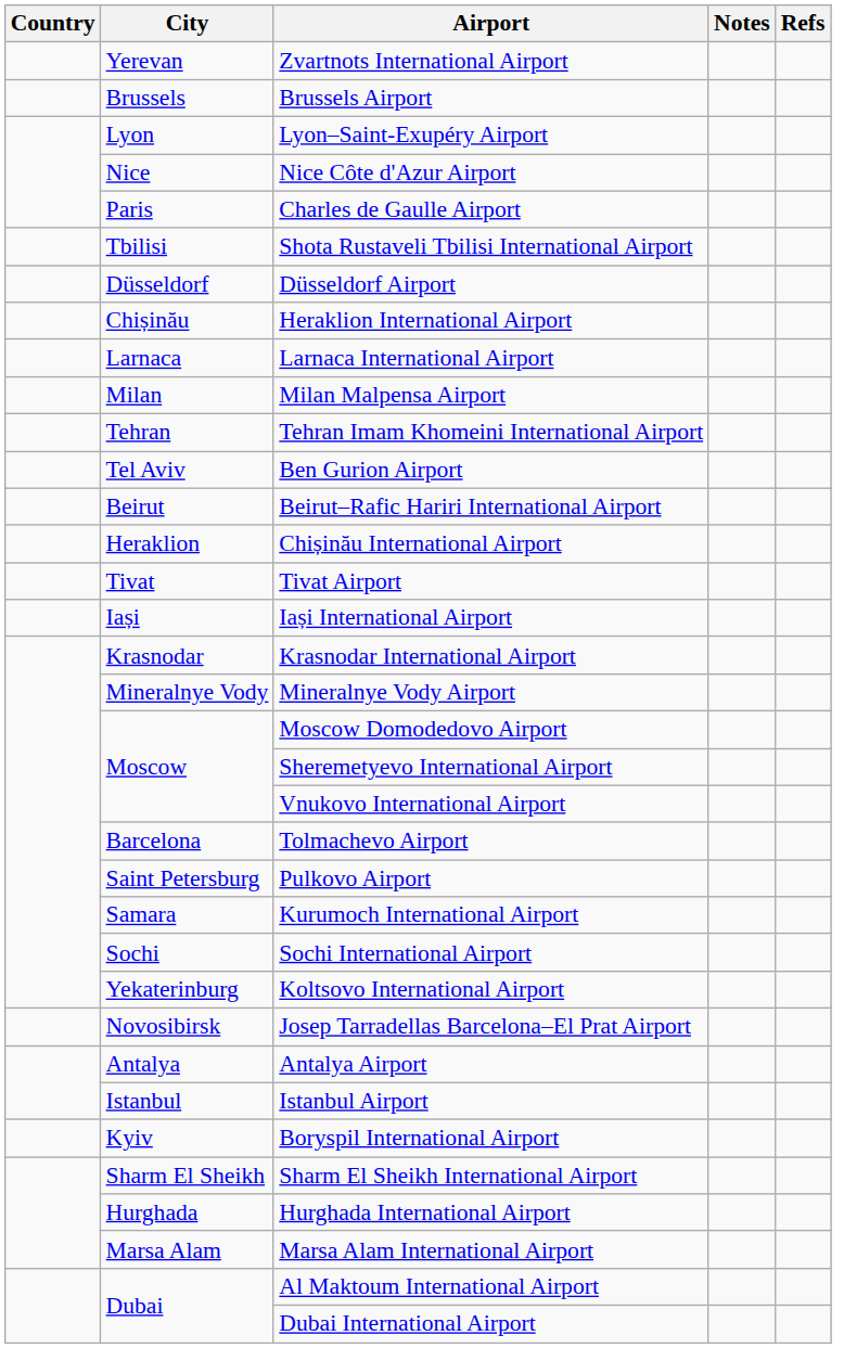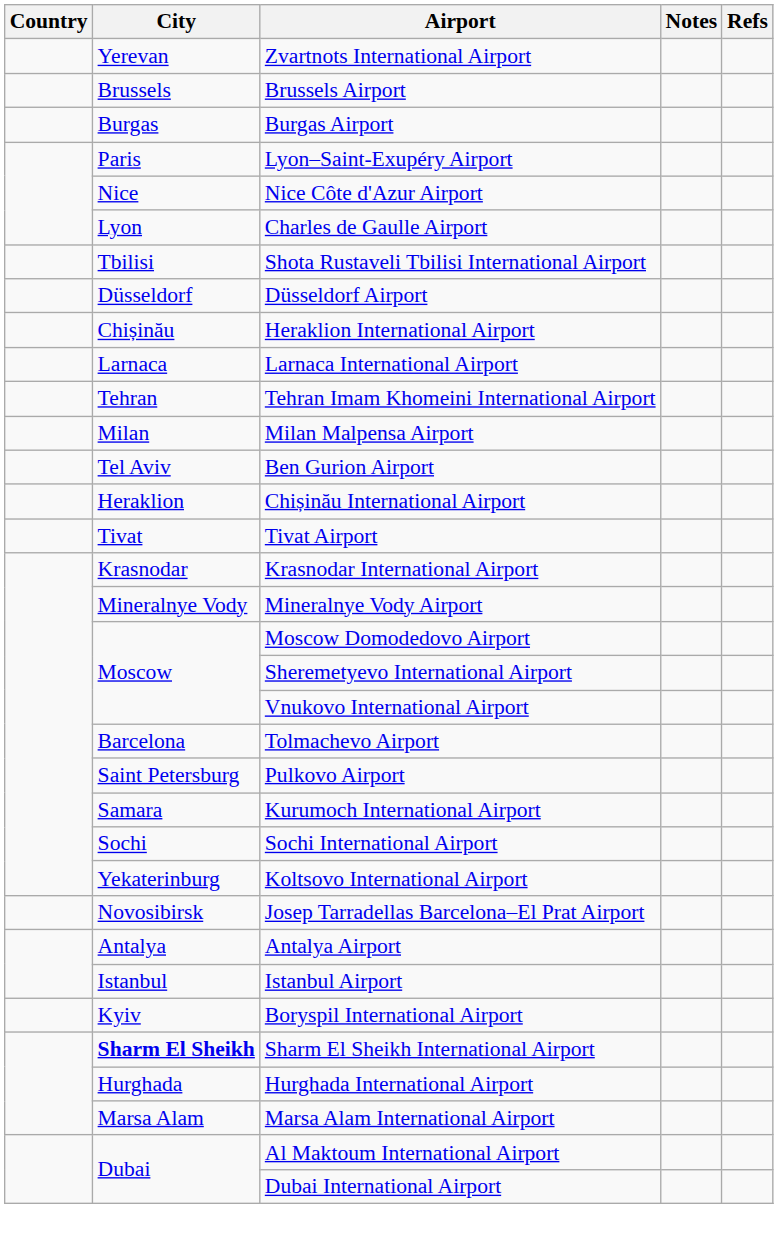 <table class="sortable wikitable">
 <tr>
 <th>Country</th>
 <th>City</th>
 <th>Airport</th>
 <th>Notes</th>
 <th>Refs</th>
 </tr>
 <tr>
 <td></td>
 <td><a href='#'>Yerevan</a></td>
 <td><a href='#'>Zvartnots International Airport</a></td>
 <td></td>
 <td align=center></td>
 </tr>
 <tr>
 <td></td>
 <td><a href='#'>Brussels</a></td>
 <td><a href='#'>Brussels Airport</a></td>
 <td></td>
 <td align=center></td>
 </tr>
 <tr>
+<td></td>
+<td><a href='#'>Burgas</a></td>
+<td><a href='#'>Burgas Airport</a></td>
+<td></td>
+<td align=center></td>
+</tr>
+<tr>
 <td rowspan="3"></td>
-<td><a href='#'>Lyon</a></td>
+<td><a href='#'>Paris</a></td>
 <td><a href='#'>Lyon–Saint-Exupéry Airport</a></td>
 <td align=center></td>
 <td align=center></td>
 </tr>
 <tr>
 <td><a href='#'>Nice</a></td>
 <td><a href='#'>Nice Côte d'Azur Airport</a></td>
 <td></td>
 <td align=center></td>
 </tr>
 <tr>
-<td><a href='#'>Paris</a></td>
+<td><a href='#'>Lyon</a></td>
 <td><a href='#'>Charles de Gaulle Airport</a></td>
 <td align=center></td>
 <td align=center></td>
 </tr>
 <tr>
 <td></td>
 <td><a href='#'>Tbilisi</a></td>
 <td><a href='#'>Shota Rustaveli Tbilisi International Airport</a></td>
 <td align=center></td>
 <td align=center></td>
 </tr>
 <tr>
 <td></td>
 <td><a href='#'>Düsseldorf</a></td>
 <td><a href='#'>Düsseldorf Airport</a></td>
 <td align=center></td>
 <td align=center></td>
 </tr>
 <tr>
 <td></td>
 <td><a href='#'>Chișinău</a></td>
 <td><a href='#'>Heraklion International Airport</a></td>
 <td></td>
 <td align=center></td>
 </tr>
 <tr>
 <td></td>
 <td><a href='#'>Larnaca</a></td>
 <td><a href='#'>Larnaca International Airport</a></td>
 <td align=center></td>
 <td align=center></td>
 </tr>
 <tr>
 <td></td>
+<td><a href='#'>Tehran</a></td>
+<td><a href='#'>Tehran Imam Khomeini International Airport</a></td>
+<td></td>
+<td align=center></td>
+</tr>
+<tr>
+<td></td>
 <td><a href='#'>Milan</a></td>
 <td><a href='#'>Milan Malpensa Airport</a></td>
 <td align=center></td>
 <td align=center></td>
 </tr>
 <tr>
 <td></td>
-<td><a href='#'>Tehran</a></td>
-<td><a href='#'>Tehran Imam Khomeini International Airport</a></td>
-<td></td>
-<td align=center></td>
-</tr>
-<tr>
-<td></td>
 <td><a href='#'>Tel Aviv</a></td>
 <td><a href='#'>Ben Gurion Airport</a></td>
 <td></td>
-<td align=center></td>
-</tr>
-<tr>
-<td></td>
-<td><a href='#'>Beirut</a></td>
-<td><a href='#'>Beirut–Rafic Hariri International Airport</a></td>
-<td align=center></td>
 <td align=center></td>
 </tr>
 <tr>
 <td></td>
 <td><a href='#'>Heraklion</a></td>
 <td><a href='#'>Chișinău International Airport</a></td>
 <td align=center></td>
 <td align=center></td>
 </tr>
 <tr>
 <td></td>
 <td><a href='#'>Tivat</a></td>
 <td><a href='#'>Tivat Airport</a></td>
-<td></td>
-<td align=center></td>
-</tr>
-<tr>
-<td></td>
-<td><a href='#'>Iași</a></td>
-<td><a href='#'>Iași International Airport</a></td>
 <td></td>
 <td align=center></td>
 </tr>
 <tr>
 <td rowspan="10"></td>
 <td><a href='#'>Krasnodar</a></td>
 <td><a href='#'>Krasnodar International Airport</a></td>
 <td></td>
 <td align=center></td>
 </tr>
 <tr>
 <td><a href='#'>Mineralnye Vody</a></td>
 <td><a href='#'>Mineralnye Vody Airport</a></td>
 <td align=center></td>
 <td align=center></td>
 </tr>
 <tr>
 <td rowspan="3"><a href='#'>Moscow</a></td>
 <td><a href='#'>Moscow Domodedovo Airport</a></td>
 <td align=center></td>
 <td align=center></td>
 </tr>
 <tr>
 <td><a href='#'>Sheremetyevo International Airport</a></td>
 <td></td>
 <td align=center></td>
 </tr>
 <tr>
 <td><a href='#'>Vnukovo International Airport</a></td>
 <td align=center></td>
 <td align=center></td>
 </tr>
 <tr>
 <td><a href='#'>Barcelona</a></td>
 <td><a href='#'>Tolmachevo Airport</a></td>
 <td></td>
 <td></td>
 </tr>
 <tr>
 <td><a href='#'>Saint Petersburg</a></td>
 <td><a href='#'>Pulkovo Airport</a></td>
 <td align=center></td>
 <td align=center></td>
 </tr>
 <tr>
 <td><a href='#'>Samara</a></td>
 <td><a href='#'>Kurumoch International Airport</a></td>
 <td align=center></td>
 <td align=center></td>
 </tr>
 <tr>
 <td><a href='#'>Sochi</a></td>
 <td><a href='#'>Sochi International Airport</a></td>
 <td align=center></td>
 <td align=center></td>
 </tr>
 <tr>
 <td><a href='#'>Yekaterinburg</a></td>
 <td><a href='#'>Koltsovo International Airport</a></td>
 <td></td>
 <td align=center></td>
 </tr>
 <tr>
 <td></td>
 <td><a href='#'>Novosibirsk</a></td>
 <td><a href='#'>Josep Tarradellas Barcelona–El Prat Airport</a></td>
 <td></td>
 <td align=center></td>
 </tr>
 <tr>
 <td rowspan="2"></td>
 <td><a href='#'>Antalya</a></td>
 <td><a href='#'>Antalya Airport</a></td>
 <td></td>
 <td align=center></td>
 </tr>
 <tr>
 <td><a href='#'>Istanbul</a></td>
 <td><a href='#'>Istanbul Airport</a></td>
 <td align=center></td>
 <td align=center></td>
 </tr>
 <tr>
 <td></td>
 <td><a href='#'>Kyiv</a></td>
 <td><a href='#'>Boryspil International Airport</a></td>
 <td></td>
 <td align=center></td>
 </tr>
 <tr>
 <td rowspan="3"></td>
-<td><a href='#'>Sharm El Sheikh</a></td>
+<td><strong><a href='#'>Sharm El Sheikh</a></strong></td>
 <td><a href='#'>Sharm El Sheikh International Airport</a></td>
 <td></td>
 <td align=center></td>
 </tr>
 <tr>
 <td><a href='#'>Hurghada</a></td>
 <td><a href='#'>Hurghada International Airport</a></td>
 <td></td>
 <td align=center></td>
 </tr>
 <tr>
 <td><a href='#'>Marsa Alam</a></td>
 <td><a href='#'>Marsa Alam International Airport</a></td>
 <td></td>
 <td align=center></td>
 </tr>
 <tr>
 <td rowspan="2"></td>
 <td rowspan="2"><a href='#'>Dubai</a></td>
 <td><a href='#'>Al Maktoum International Airport</a></td>
 <td></td>
 <td align=center></td>
 </tr>
 <tr>
 <td><a href='#'>Dubai International Airport</a></td>
 <td></td>
 <td align=center></td>
 </tr>
 <tr>
 </tr>
 </table>
